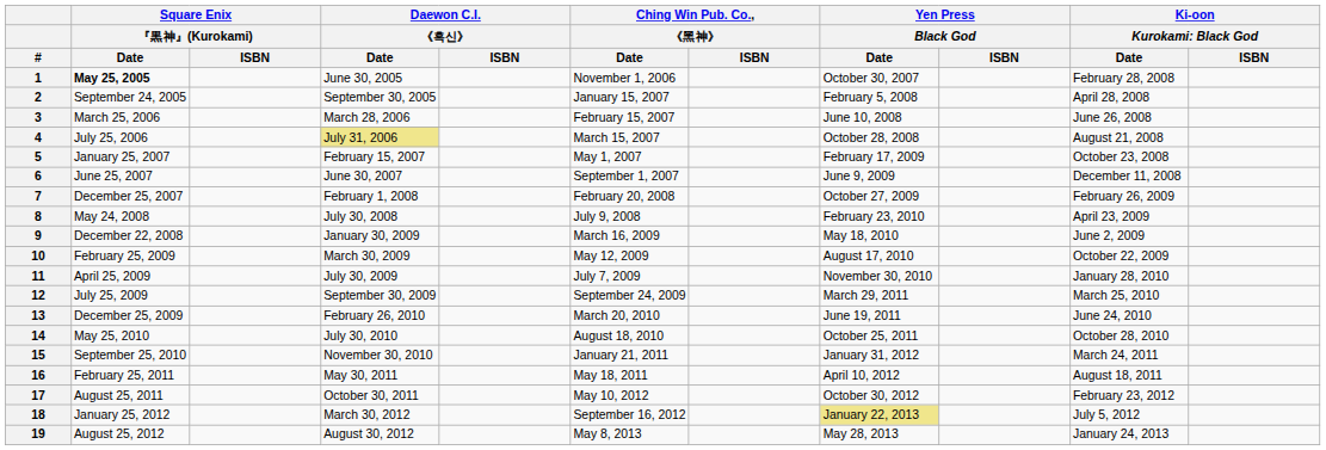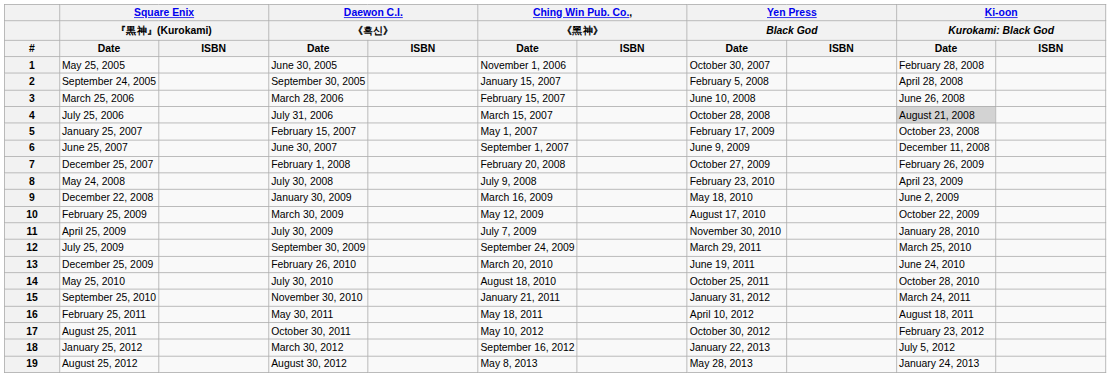 <table class="wikitable" style="font-size:smaller">
 <tr>
 <th></th>
 <th colspan="2"> <a href='#'>Square Enix</a></th>
 <th colspan="2"> <a href='#'>Daewon C.I.</a></th>
 <th colspan="2"> <a href='#'>Ching Win Pub. Co.</a>,</th>
 <th colspan="2"> <a href='#'>Yen Press</a></th>
 <th colspan="2"> <a href='#'>Ki-oon</a></th>
 </tr>
 <tr>
 <th></th>
 <th colspan="2">『黒神』(Kurokami)</th>
 <th colspan="2">《흑신》</th>
 <th colspan="2">《黑神》</th>
 <th colspan="2"><em>Black God</em></th>
 <th colspan="2"><em>Kurokami: Black God</em></th>
 </tr>
 <tr>
 <th style="width:5%">#</th>
 <th style="width:9%">Date</th>
 <th style="width:10%">ISBN</th>
 <th style="width:9%">Date</th>
 <th style="width:10%">ISBN</th>
 <th style="width:9%">Date</th>
 <th style="width:10%">ISBN</th>
 <th style="width:9%">Date</th>
 <th style="width:10%">ISBN</th>
 <th style="width:9%">Date</th>
 <th style="width:10%">ISBN</th>
 </tr>
 <tr>
 <th>1</th>
-<td><strong>May 25, 2005</strong></td>
+<td>May 25, 2005</td>
 <td></td>
 <td>June 30, 2005</td>
 <td></td>
 <td>November 1, 2006</td>
 <td></td>
 <td>October 30, 2007</td>
 <td></td>
 <td>February 28, 2008</td>
 <td></td>
 </tr>
 <tr>
 <th>2</th>
 <td>September 24, 2005</td>
 <td></td>
 <td>September 30, 2005</td>
 <td></td>
 <td>January 15, 2007</td>
 <td></td>
 <td>February 5, 2008</td>
 <td></td>
 <td>April 28, 2008</td>
 <td></td>
 </tr>
 <tr>
 <th>3</th>
 <td>March 25, 2006</td>
 <td></td>
 <td>March 28, 2006</td>
 <td></td>
 <td>February 15, 2007</td>
 <td></td>
 <td>June 10, 2008</td>
 <td></td>
 <td>June 26, 2008</td>
 <td></td>
 </tr>
 <tr>
 <th>4</th>
 <td>July 25, 2006</td>
 <td></td>
-<td style="background: khaki;">July 31, 2006</td>
+<td>July 31, 2006</td>
 <td></td>
 <td>March 15, 2007</td>
 <td></td>
 <td>October 28, 2008</td>
 <td></td>
-<td>August 21, 2008</td>
+<td style="background: lightgrey;">August 21, 2008</td>
 <td></td>
 </tr>
 <tr>
 <th>5</th>
 <td>January 25, 2007</td>
 <td></td>
 <td>February 15, 2007</td>
 <td></td>
 <td>May 1, 2007</td>
 <td></td>
 <td>February 17, 2009</td>
 <td></td>
 <td>October 23, 2008</td>
 <td></td>
 </tr>
 <tr>
 <th>6</th>
 <td>June 25, 2007</td>
 <td></td>
 <td>June 30, 2007</td>
 <td></td>
 <td>September 1, 2007</td>
 <td></td>
 <td>June 9, 2009</td>
 <td></td>
 <td>December 11, 2008</td>
 <td></td>
 </tr>
 <tr>
 <th>7</th>
 <td>December 25, 2007</td>
 <td></td>
 <td>February 1, 2008</td>
 <td></td>
 <td>February 20, 2008</td>
 <td></td>
 <td>October 27, 2009</td>
 <td></td>
 <td>February 26, 2009</td>
 <td></td>
 </tr>
 <tr>
 <th>8</th>
 <td>May 24, 2008</td>
 <td></td>
 <td>July 30, 2008</td>
 <td></td>
 <td>July 9, 2008</td>
 <td></td>
 <td>February 23, 2010</td>
 <td></td>
 <td>April 23, 2009</td>
 <td></td>
 </tr>
 <tr>
 <th>9</th>
 <td>December 22, 2008</td>
 <td></td>
 <td>January 30, 2009</td>
 <td></td>
 <td>March 16, 2009</td>
 <td></td>
 <td>May 18, 2010</td>
 <td></td>
 <td>June 2, 2009</td>
 <td></td>
 </tr>
 <tr>
 <th>10</th>
 <td>February 25, 2009</td>
 <td></td>
 <td>March 30, 2009</td>
 <td></td>
 <td>May 12, 2009</td>
 <td></td>
 <td>August 17, 2010</td>
 <td></td>
 <td>October 22, 2009</td>
 <td></td>
 </tr>
 <tr>
 <th>11</th>
 <td>April 25, 2009</td>
 <td></td>
 <td>July 30, 2009</td>
 <td></td>
 <td>July 7, 2009</td>
 <td></td>
 <td>November 30, 2010</td>
 <td></td>
 <td>January 28, 2010</td>
 <td></td>
 </tr>
 <tr>
 <th>12</th>
 <td>July 25, 2009</td>
 <td></td>
 <td>September 30, 2009</td>
 <td></td>
 <td>September 24, 2009</td>
 <td></td>
 <td>March 29, 2011</td>
 <td></td>
 <td>March 25, 2010</td>
 <td></td>
 </tr>
 <tr>
 <th>13</th>
 <td>December 25, 2009</td>
 <td></td>
 <td>February 26, 2010</td>
 <td></td>
 <td>March 20, 2010</td>
 <td></td>
 <td>June 19, 2011</td>
 <td></td>
 <td>June 24, 2010</td>
 <td></td>
 </tr>
 <tr>
 <th>14</th>
 <td>May 25, 2010</td>
 <td></td>
 <td>July 30, 2010</td>
 <td></td>
 <td>August 18, 2010</td>
 <td></td>
 <td>October 25, 2011</td>
 <td></td>
 <td>October 28, 2010</td>
 <td></td>
 </tr>
 <tr>
 <th>15</th>
 <td>September 25, 2010</td>
 <td></td>
 <td>November 30, 2010</td>
 <td></td>
 <td>January 21, 2011</td>
 <td></td>
 <td>January 31, 2012</td>
 <td></td>
 <td>March 24, 2011</td>
 <td></td>
 </tr>
 <tr>
 <th>16</th>
 <td>February 25, 2011</td>
 <td></td>
 <td>May 30, 2011</td>
 <td></td>
 <td>May 18, 2011</td>
 <td></td>
 <td>April 10, 2012</td>
 <td></td>
 <td>August 18, 2011</td>
 <td></td>
 </tr>
 <tr>
 <th>17</th>
 <td>August 25, 2011</td>
 <td></td>
 <td>October 30, 2011</td>
 <td></td>
 <td>May 10, 2012</td>
 <td></td>
 <td>October 30, 2012</td>
 <td></td>
 <td>February 23, 2012</td>
 <td></td>
 </tr>
 <tr>
 <th>18</th>
 <td>January 25, 2012</td>
 <td></td>
 <td>March 30, 2012</td>
 <td></td>
 <td>September 16, 2012</td>
 <td></td>
-<td style="background: khaki;">January 22, 2013</td>
+<td>January 22, 2013</td>
 <td></td>
 <td>July 5, 2012</td>
 <td></td>
 </tr>
 <tr>
 <th>19</th>
 <td>August 25, 2012</td>
 <td></td>
 <td>August 30, 2012</td>
 <td></td>
 <td>May 8, 2013</td>
 <td></td>
 <td>May 28, 2013</td>
 <td></td>
 <td>January 24, 2013</td>
 <td></td>
 </tr>
 </table>
